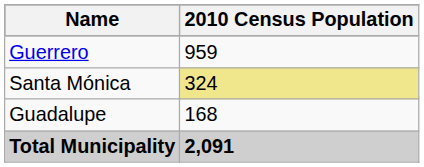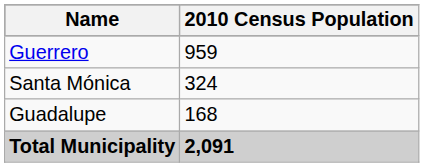 <table class="wikitable">
 <tr style="background:#000000; color:black;">
 <th><strong>Name</strong></th>
 <th><strong>2010 Census Population</strong></th>
 </tr>
 <tr>
 <td><a href='#'>Guerrero</a></td>
 <td>959</td>
 </tr>
 <tr>
 <td>Santa Mónica</td>
-<td style="background: khaki;">324</td>
+<td>324</td>
 </tr>
 <tr>
 <td>Guadalupe</td>
 <td>168</td>
 </tr>
 <tr style="background:#CFCFCF;">
 <td><strong>Total Municipality</strong></td>
 <td><strong>2,091</strong></td>
 </tr>
 </table>
